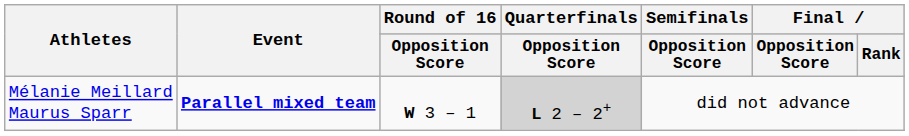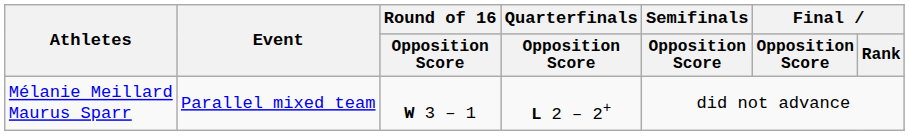 <table class="wikitable" style="font-size:90%">
 <tr>
 <th rowspan="2">Athletes</th>
 <th rowspan="2">Event</th>
 <th>Round of 16</th>
 <th>Quarterfinals</th>
 <th>Semifinals</th>
 <th colspan="2">Final / </th>
 </tr>
 <tr style="font-size:95%">
 <th>Opposition<br>Score</th>
 <th>Opposition<br>Score</th>
 <th>Opposition<br>Score</th>
 <th>Opposition<br>Score</th>
 <th>Rank</th>
 </tr>
 <tr align=center>
 <td align=left><a href='#'>Mélanie Meillard</a><br><a href='#'>Maurus Sparr</a></td>
-<td align=left><strong><a href='#'>Parallel mixed team</a></strong></td>
+<td align=left><a href='#'>Parallel mixed team</a></td>
 <td><br><strong>W</strong> 3 – 1</td>
-<td style="background: lightgrey;"><br><strong>L</strong> 2 – 2<sup>+</sup></td>
+<td><br><strong>L</strong> 2 – 2<sup>+</sup></td>
 <td colspan=3>did not advance</td>
 </tr>
 </table>
